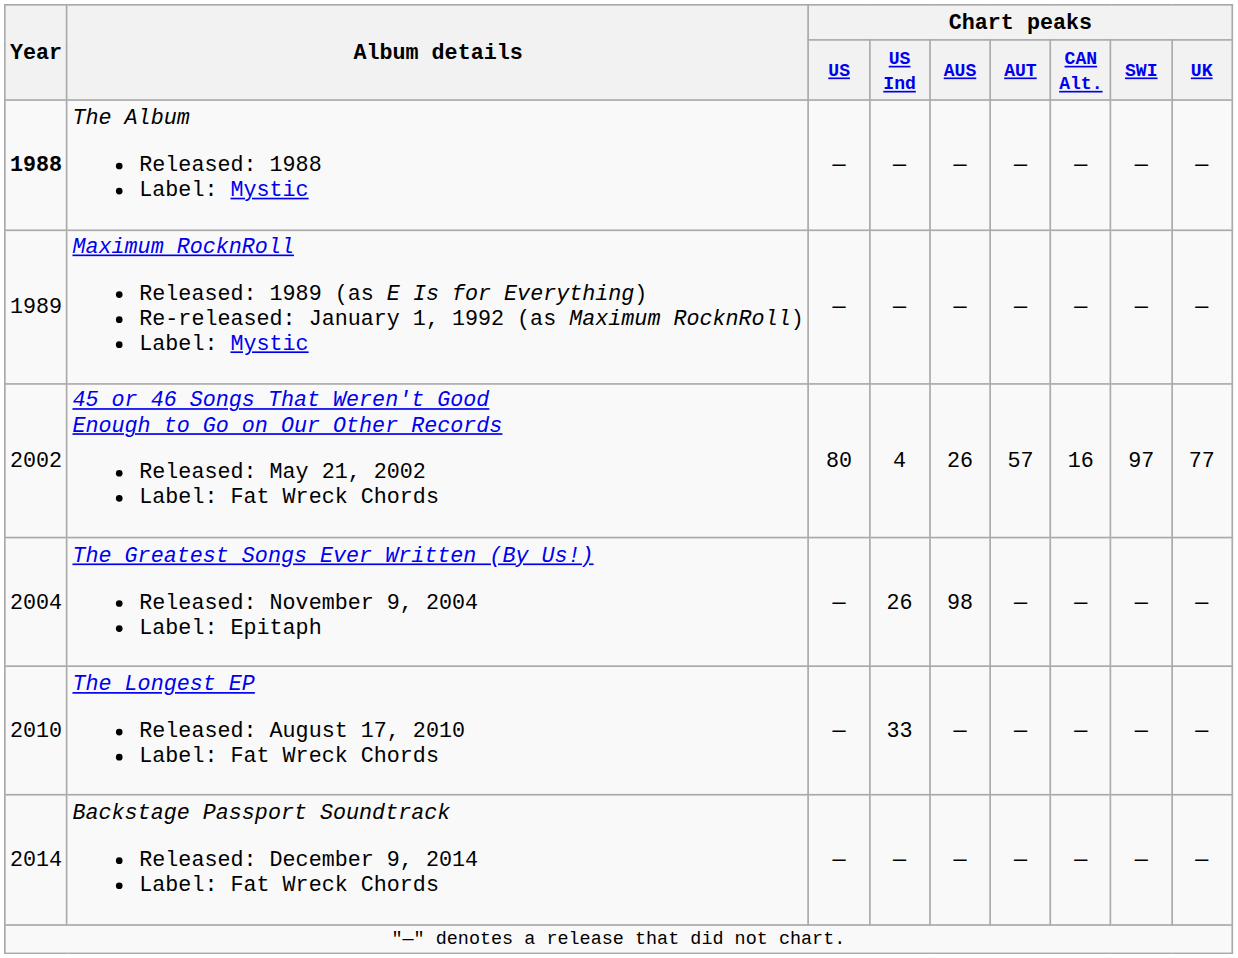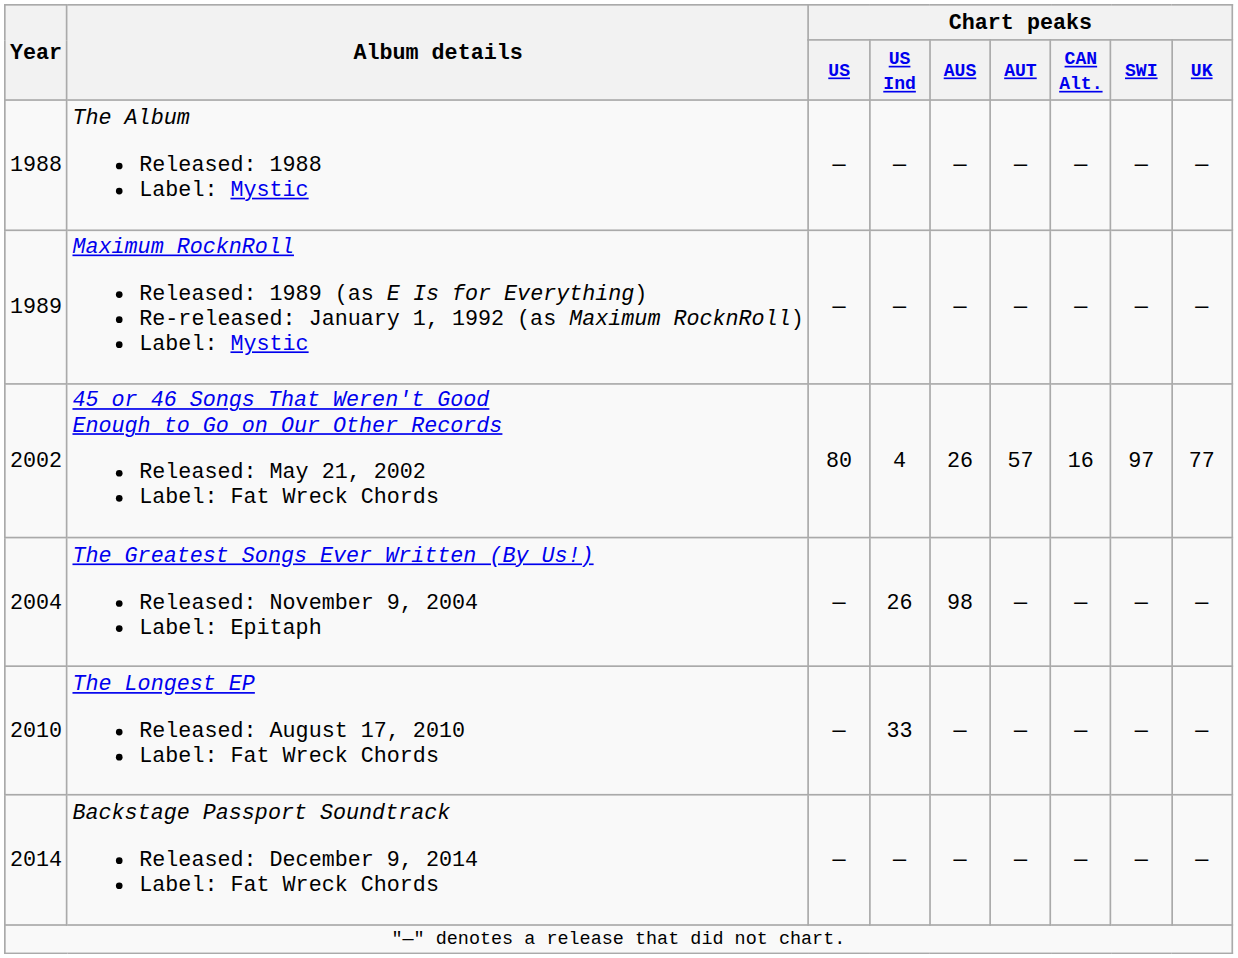 <table class="wikitable">
 <tr>
 <th scope="col" rowspan="2">Year</th>
 <th scope="col" rowspan="2">Album details</th>
 <th scope="col" colspan="7">Chart peaks</th>
 </tr>
 <tr>
 <th style="width:30px;"><small><a href='#'>US</a></small><br></th>
 <th style="width:30px;"><small><a href='#'>US Ind</a></small><br></th>
 <th style="width:30px;"><small><a href='#'>AUS</a></small><br></th>
 <th style="width:30px;"><small><a href='#'>AUT</a></small><br></th>
 <th style="width:30px;"><small><a href='#'>CAN Alt.</a></small><br></th>
 <th style="width:30px;"><small><a href='#'>SWI</a></small><br></th>
 <th style="width:30px;"><small><a href='#'>UK</a></small><br></th>
 </tr>
 <tr>
-<td><strong>1988</strong></td>
+<td>1988</td>
 <td><em>The Album</em><br><ul><li>Released: 1988</li><li>Label: <a href='#'>Mystic</a></li></ul></td>
 <td style="text-align:center;">—</td>
 <td style="text-align:center;">—</td>
 <td style="text-align:center;">—</td>
 <td style="text-align:center;">—</td>
 <td style="text-align:center;">—</td>
 <td style="text-align:center;">—</td>
 <td style="text-align:center;">—</td>
 </tr>
 <tr>
 <td>1989</td>
 <td><em><a href='#'>Maximum RocknRoll</a></em><br><ul><li>Released: 1989 (as <em>E Is for Everything</em>)</li><li>Re-released: January 1, 1992 (as <em>Maximum RocknRoll</em>)</li><li>Label: <a href='#'>Mystic</a></li></ul></td>
 <td style="text-align:center;">—</td>
 <td style="text-align:center;">—</td>
 <td style="text-align:center;">—</td>
 <td style="text-align:center;">—</td>
 <td style="text-align:center;">—</td>
 <td style="text-align:center;">—</td>
 <td style="text-align:center;">—</td>
 </tr>
 <tr>
 <td>2002</td>
 <td><em><a href='#'>45 or 46 Songs That Weren't Good<br>Enough to Go on Our Other Records</a></em><br><ul><li>Released: May 21, 2002</li><li>Label: Fat Wreck Chords</li></ul></td>
 <td style="text-align:center;">80</td>
 <td style="text-align:center;">4</td>
 <td style="text-align:center;">26</td>
 <td style="text-align:center;">57</td>
 <td style="text-align:center;">16</td>
 <td style="text-align:center;">97</td>
 <td style="text-align:center;">77</td>
 </tr>
 <tr>
 <td>2004</td>
 <td><em><a href='#'>The Greatest Songs Ever Written (By Us!)</a></em><br><ul><li>Released: November 9, 2004</li><li>Label: Epitaph</li></ul></td>
 <td style="text-align:center;">—</td>
 <td style="text-align:center;">26</td>
 <td style="text-align:center;">98</td>
 <td style="text-align:center;">—</td>
 <td style="text-align:center;">—</td>
 <td style="text-align:center;">—</td>
 <td style="text-align:center;">—</td>
 </tr>
 <tr>
 <td>2010</td>
 <td><em><a href='#'>The Longest EP</a></em><br><ul><li>Released: August 17, 2010</li><li>Label: Fat Wreck Chords</li></ul></td>
 <td style="text-align:center;">—</td>
 <td style="text-align:center;">33</td>
 <td style="text-align:center;">—</td>
 <td style="text-align:center;">—</td>
 <td style="text-align:center;">—</td>
 <td style="text-align:center;">—</td>
 <td style="text-align:center;">—</td>
 </tr>
 <tr>
 <td>2014</td>
 <td><em>Backstage Passport Soundtrack</em><br><ul><li>Released: December 9, 2014</li><li>Label: Fat Wreck Chords</li></ul></td>
 <td style="text-align:center;">—</td>
 <td style="text-align:center;">—</td>
 <td style="text-align:center;">—</td>
 <td style="text-align:center;">—</td>
 <td style="text-align:center;">—</td>
 <td style="text-align:center;">—</td>
 <td style="text-align:center;">—</td>
 </tr>
 <tr>
 <td colspan="15" style="text-align:center; font-size:85%">"—" denotes a release that did not chart.</td>
 </tr>
 </table>
